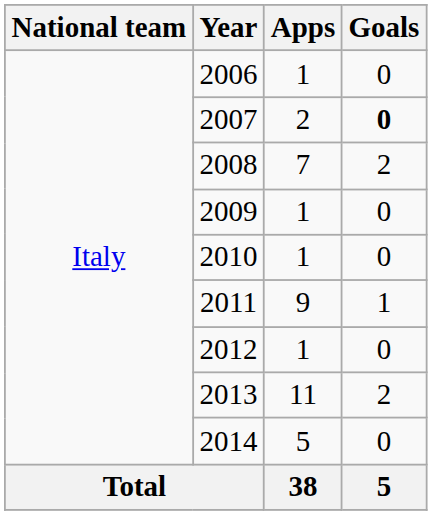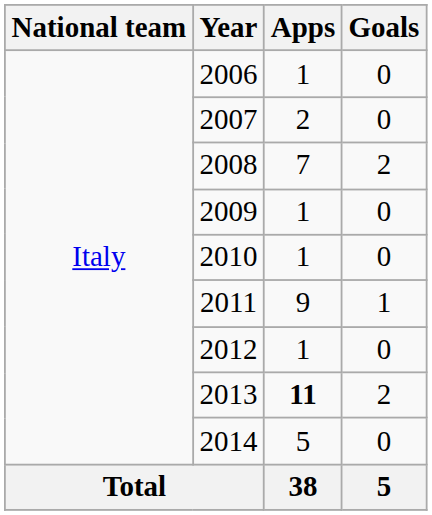 <table class="wikitable" style="text-align:center">
 <tr>
 <th>National team</th>
 <th>Year</th>
 <th>Apps</th>
 <th>Goals</th>
 </tr>
 <tr>
 <td rowspan="9"><a href='#'>Italy</a></td>
 <td>2006</td>
 <td>1</td>
 <td>0</td>
 </tr>
 <tr>
 <td>2007</td>
 <td>2</td>
-<td><strong>0</strong></td>
+<td>0</td>
 </tr>
 <tr>
 <td>2008</td>
 <td>7</td>
 <td>2</td>
 </tr>
 <tr>
 <td>2009</td>
 <td>1</td>
 <td>0</td>
 </tr>
 <tr>
 <td>2010</td>
 <td>1</td>
 <td>0</td>
 </tr>
 <tr>
 <td>2011</td>
 <td>9</td>
 <td>1</td>
 </tr>
 <tr>
 <td>2012</td>
 <td>1</td>
 <td>0</td>
 </tr>
 <tr>
 <td>2013</td>
-<td>11</td>
+<td><strong>11</strong></td>
 <td>2</td>
 </tr>
 <tr>
 <td>2014</td>
 <td>5</td>
 <td>0</td>
 </tr>
 <tr>
 <th colspan="2">Total</th>
 <th>38</th>
 <th>5</th>
 </tr>
 </table>
